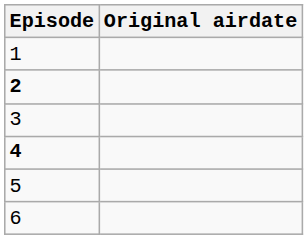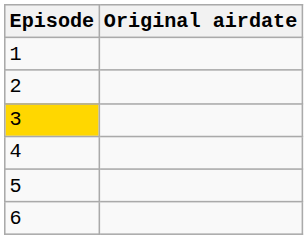 <table class="wikitable">
 <tr>
 <th>Episode</th>
 <th>Original airdate</th>
 </tr>
 <tr>
 <td>1</td>
 <td></td>
 </tr>
 <tr>
-<td><strong>2</strong></td>
+<td>2</td>
 <td></td>
 </tr>
 <tr>
-<td>3</td>
+<td style="background: gold;">3</td>
 <td></td>
 </tr>
 <tr>
-<td><strong>4</strong></td>
+<td>4</td>
 <td></td>
 </tr>
 <tr>
 <td>5</td>
 <td></td>
 </tr>
 <tr>
 <td>6</td>
 <td></td>
 </tr>
 </table>
